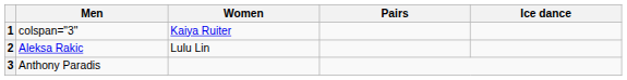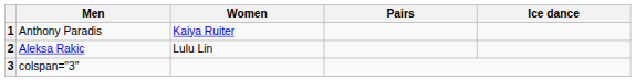 <table class="wikitable unsortable" style="text-align:left; width:70%">
 <tr>
 <th scope="col"></th>
 <th scope="col" style="width:25%">Men</th>
 <th scope="col" style="width:25%">Women</th>
 <th scope="col" style="width:25%">Pairs</th>
 <th scope="col" style="width:25%">Ice dance</th>
 </tr>
 <tr>
 <th scope="row">1</th>
-<td>colspan="3" </td>
+<td>Anthony Paradis</td>
 <td><a href='#'>Kaiya Ruiter</a></td>
 <td></td>
 <td></td>
 </tr>
 <tr>
 <th scope="row">2</th>
 <td><a href='#'>Aleksa Rakic</a></td>
 <td>Lulu Lin</td>
 <td></td>
 <td></td>
 </tr>
 <tr>
 <th scope="row">3</th>
-<td>Anthony Paradis</td>
+<td>colspan="3" </td>
 <td></td>
 </tr>
 </table>
